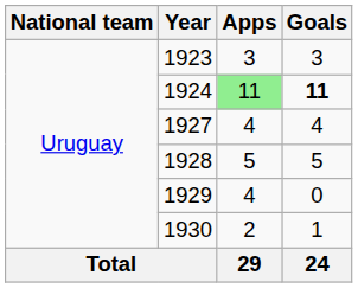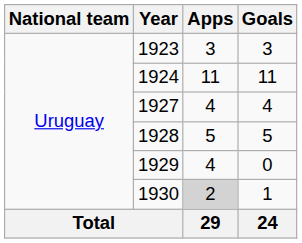 <table class=wikitable style="text-align: center">
 <tr>
 <th>National team</th>
 <th>Year</th>
 <th>Apps</th>
 <th>Goals</th>
 </tr>
 <tr>
 <td rowspan="6"><a href='#'>Uruguay</a></td>
 <td>1923</td>
 <td>3</td>
 <td>3</td>
 </tr>
 <tr>
 <td>1924</td>
-<td style="background: lightgreen;">11</td>
-<td><strong>11</strong></td>
+<td>11</td>
+<td>11</td>
 </tr>
 <tr>
 <td>1927</td>
 <td>4</td>
 <td>4</td>
 </tr>
 <tr>
 <td>1928</td>
 <td>5</td>
 <td>5</td>
 </tr>
 <tr>
 <td>1929</td>
 <td>4</td>
 <td>0</td>
 </tr>
 <tr>
 <td>1930</td>
-<td>2</td>
+<td style="background: lightgrey;">2</td>
 <td>1</td>
 </tr>
 <tr>
 <th colspan="2">Total</th>
 <th>29</th>
 <th>24</th>
 </tr>
 </table>
